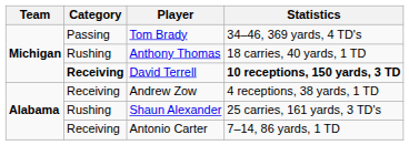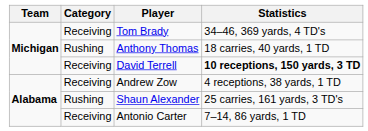 <table class="wikitable" style="float: right;">
 <tr>
 <th>Team</th>
 <th>Category</th>
 <th>Player</th>
 <th>Statistics</th>
 </tr>
 <tr>
 <td rowspan=3><strong>Michigan</strong></td>
-<td>Passing</td>
+<td>Receiving</td>
 <td><a href='#'>Tom Brady</a></td>
 <td>34–46, 369 yards, 4 TD's</td>
 </tr>
 <tr>
 <td>Rushing</td>
 <td><a href='#'>Anthony Thomas</a></td>
 <td>18 carries, 40 yards, 1 TD</td>
 </tr>
 <tr>
-<td><strong>Receiving</strong></td>
+<td>Receiving</td>
 <td><a href='#'>David Terrell</a></td>
 <td><strong>10 receptions, 150 yards, 3 TD</strong></td>
 </tr>
 <tr>
 <td rowspan=3><strong>Alabama</strong></td>
 <td>Receiving</td>
 <td>Andrew Zow</td>
 <td>4 receptions, 38 yards, 1 TD</td>
 </tr>
 <tr>
 <td>Rushing</td>
 <td><a href='#'>Shaun Alexander</a></td>
 <td>25 carries, 161 yards, 3 TD's</td>
 </tr>
 <tr>
 <td>Receiving</td>
 <td>Antonio Carter</td>
 <td>7–14, 86 yards, 1 TD</td>
 </tr>
 </table>
